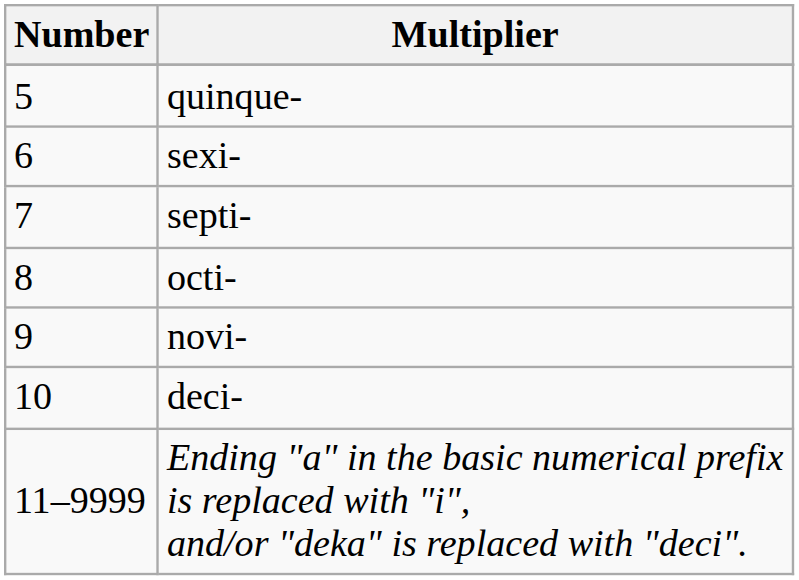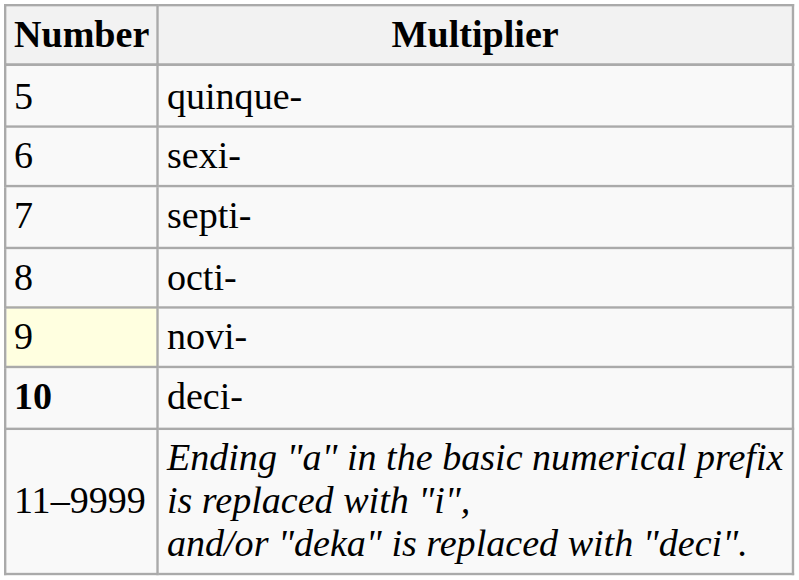 <table class="wikitable">
 <tr>
 <th>Number</th>
 <th>Multiplier</th>
 </tr>
 <tr>
 </tr>
 <tr>
 <td>5</td>
 <td>quinque-</td>
 </tr>
 <tr>
 <td>6</td>
 <td>sexi-</td>
 </tr>
 <tr>
 <td>7</td>
 <td>septi-</td>
 </tr>
 <tr>
 <td>8</td>
 <td>octi-</td>
 </tr>
 <tr>
-<td>9</td>
+<td style="background: lightyellow;">9</td>
 <td>novi-</td>
 </tr>
 <tr>
-<td>10</td>
+<td><strong>10</strong></td>
 <td>deci-</td>
 </tr>
 <tr>
 <td>11–9999</td>
 <td><em>Ending "a" in the basic numerical prefix<br>is replaced with "i",<br>and/or "deka" is replaced with "deci".</em> </td>
 </tr>
 </table>
